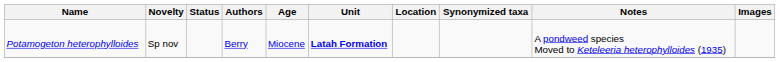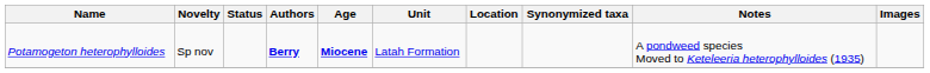 <table class="wikitable sortable" align="center" width="100%">
 <tr>
 <th>Name</th>
 <th>Novelty</th>
 <th>Status</th>
 <th>Authors</th>
 <th>Age</th>
 <th>Unit</th>
 <th>Location</th>
 <th>Synonymized taxa</th>
 <th>Notes</th>
 <th>Images</th>
 </tr>
 <tr>
 <td><br><em><a href='#'>Potamogeton heterophylloides</a></em></td>
 <td><br>Sp nov</td>
 <td></td>
-<td><br><a href='#'>Berry</a></td>
-<td><br><a href='#'>Miocene</a></td>
-<td><strong><br><a href='#'>Latah Formation</a></strong></td>
+<td><strong><br><a href='#'>Berry</a></strong></td>
+<td><strong><br><a href='#'>Miocene</a></strong></td>
+<td><br><a href='#'>Latah Formation</a></td>
 <td><br><br></td>
 <td></td>
 <td><br>A <a href='#'>pondweed</a> species<br>Moved to <em><a href='#'>Keteleeria heterophylloides</a></em> (<a href='#'>1935</a>)</td>
 <td><br></td>
 </tr>
 <tr>
 </tr>
 </table>
